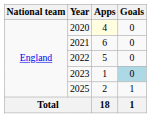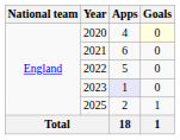 <table class="wikitable" style="text-align: center;">
 <tr>
 <th>National team</th>
 <th>Year</th>
 <th>Apps</th>
 <th>Goals</th>
 </tr>
 <tr>
 <td rowspan="5"><a href='#'>England</a></td>
 <td>2020</td>
-<td style="background: lightyellow;">4</td>
-<td>0</td>
+<td>4</td>
+<td style="background: lightyellow;">0</td>
 </tr>
 <tr>
 <td>2021</td>
 <td>6</td>
 <td>0</td>
 </tr>
 <tr>
 <td>2022</td>
 <td>5</td>
 <td>0</td>
 </tr>
 <tr>
 <td>2023</td>
-<td>1</td>
-<td style="background: lightblue;">0</td>
+<td style="background: lavender;">1</td>
+<td>0</td>
 </tr>
 <tr>
 <td>2025</td>
 <td>2</td>
 <td>1</td>
 </tr>
 <tr>
 <th colspan="2">Total</th>
 <th>18</th>
 <th>1</th>
 </tr>
 </table>
